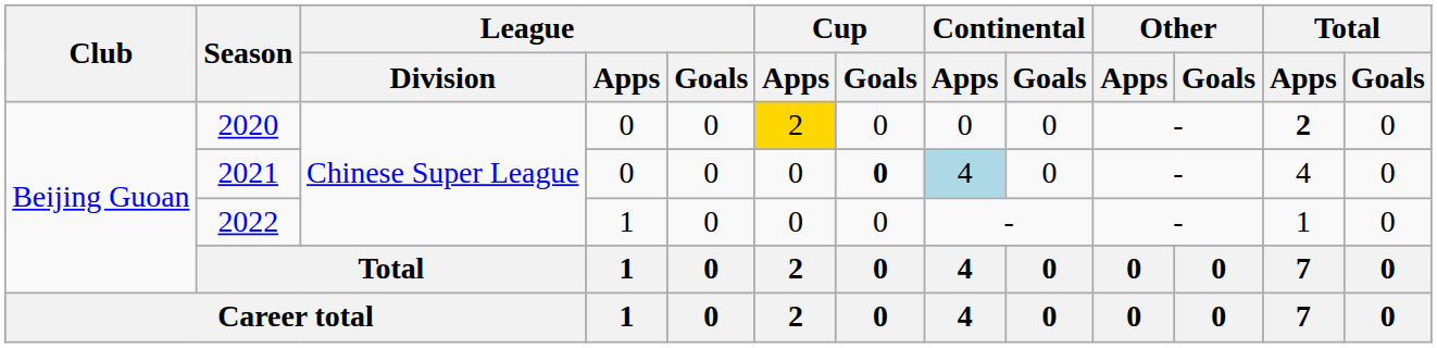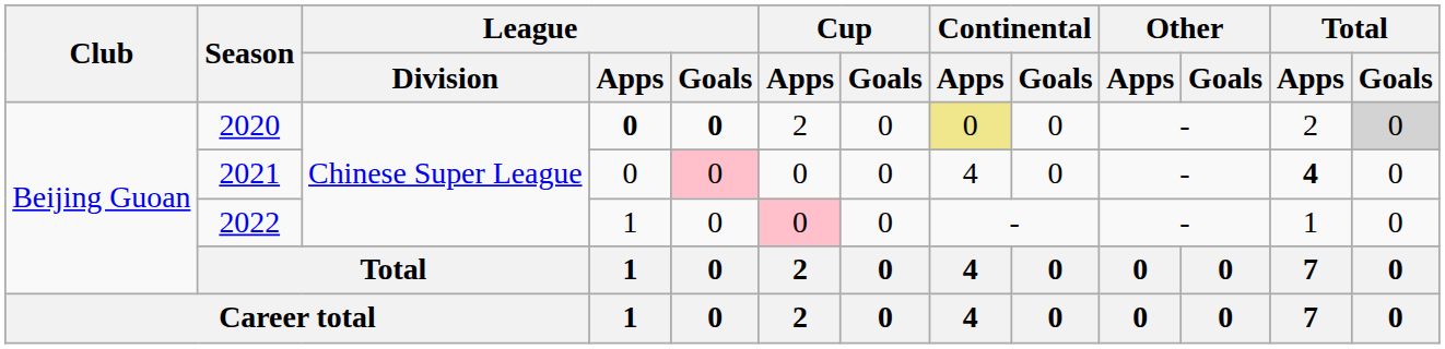 <table class="wikitable" style="text-align: center">
 <tr>
 <th rowspan="2">Club</th>
 <th rowspan="2">Season</th>
 <th colspan="3">League</th>
 <th colspan="2">Cup</th>
 <th colspan="2">Continental</th>
 <th colspan="2">Other</th>
 <th colspan="2">Total</th>
 </tr>
 <tr>
 <th>Division</th>
 <th>Apps</th>
 <th>Goals</th>
 <th>Apps</th>
 <th>Goals</th>
 <th>Apps</th>
 <th>Goals</th>
 <th>Apps</th>
 <th>Goals</th>
 <th>Apps</th>
 <th>Goals</th>
 </tr>
 <tr>
 <td rowspan="4"><a href='#'>Beijing Guoan</a></td>
 <td><a href='#'>2020</a></td>
 <td rowspan="3"><a href='#'>Chinese Super League</a></td>
+<td><strong>0</strong></td>
+<td><strong>0</strong></td>
+<td>2</td>
 <td>0</td>
-<td>0</td>
-<td style="background: gold;">2</td>
-<td>0</td>
-<td>0</td>
+<td style="background: khaki;">0</td>
 <td>0</td>
 <td colspan="2">-</td>
-<td><strong>2</strong></td>
-<td>0</td>
+<td>2</td>
+<td style="background: lightgrey;">0</td>
 </tr>
 <tr>
 <td><a href='#'>2021</a></td>
 <td>0</td>
+<td style="background: pink;">0</td>
 <td>0</td>
 <td>0</td>
-<td><strong>0</strong></td>
-<td style="background: lightblue;">4</td>
+<td>4</td>
 <td>0</td>
 <td colspan="2">-</td>
-<td>4</td>
+<td><strong>4</strong></td>
 <td>0</td>
 </tr>
 <tr>
 <td><a href='#'>2022</a></td>
 <td>1</td>
 <td>0</td>
-<td>0</td>
+<td style="background: pink;">0</td>
 <td>0</td>
 <td colspan="2">-</td>
 <td colspan="2">-</td>
 <td>1</td>
 <td>0</td>
 </tr>
 <tr>
 <th colspan=2>Total</th>
 <th>1</th>
 <th>0</th>
 <th>2</th>
 <th>0</th>
 <th>4</th>
 <th>0</th>
 <th>0</th>
 <th>0</th>
 <th>7</th>
 <th>0</th>
 </tr>
 <tr>
 <th colspan=3>Career total</th>
 <th>1</th>
 <th>0</th>
 <th>2</th>
 <th>0</th>
 <th>4</th>
 <th>0</th>
 <th>0</th>
 <th>0</th>
 <th>7</th>
 <th>0</th>
 </tr>
 </table>
